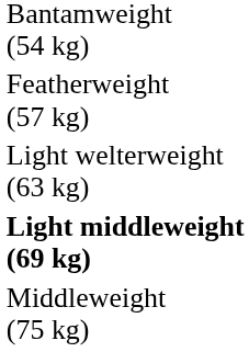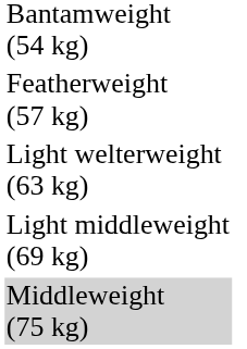 <table>
 <tr>
 <td rowspan=2>Bantamweight<br>(54 kg)</td>
 <td rowspan=2></td>
 <td rowspan=2></td>
 <td></td>
 </tr>
 <tr>
 <td></td>
 </tr>
 <tr>
 <td rowspan=2>Featherweight<br>(57 kg)</td>
 <td rowspan=2></td>
 <td rowspan=2></td>
 <td></td>
 </tr>
 <tr>
 <td></td>
 </tr>
 <tr>
 <td rowspan=2>Light welterweight<br>(63 kg)</td>
 <td rowspan=2></td>
 <td rowspan=2></td>
 <td></td>
 </tr>
 <tr>
 <td></td>
 </tr>
 <tr>
-<td><strong>Light middleweight<br>(69 kg)</strong></td>
+<td>Light middleweight<br>(69 kg)</td>
 <td></td>
 <td></td>
 <td></td>
 </tr>
 <tr>
-<td>Middleweight<br>(75 kg)</td>
+<td style="background: lightgrey;">Middleweight<br>(75 kg)</td>
 <td></td>
 <td></td>
 <td></td>
 </tr>
 </table>
